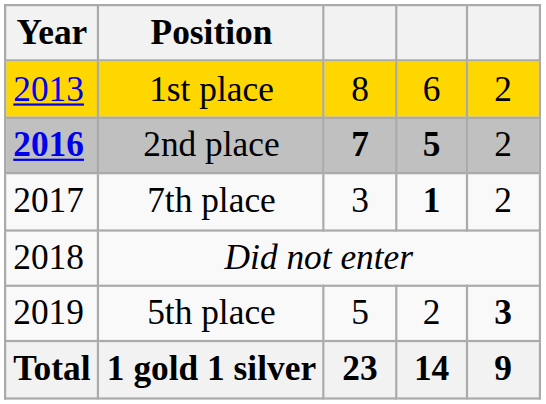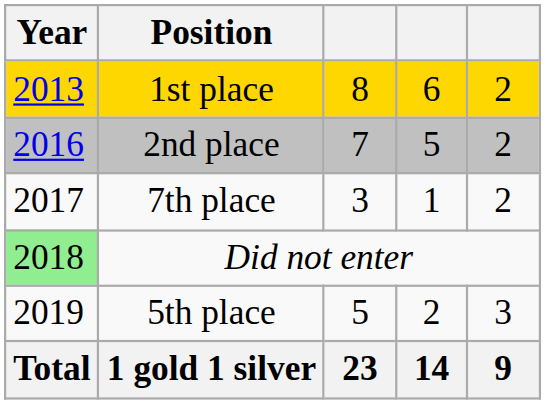 <table class="wikitable" style="text-align: center;">
 <tr>
 <th>Year</th>
 <th>Position</th>
 <th width=25px></th>
 <th width=25px></th>
 <th width=25px></th>
 </tr>
 <tr bgcolor=gold>
 <td style="text-align: left;"> <a href='#'>2013</a></td>
 <td>1st place</td>
 <td>8</td>
 <td>6</td>
 <td>2</td>
 </tr>
 <tr bgcolor=silver>
-<td style="text-align: left;"><strong> <a href='#'>2016</a></strong></td>
+<td style="text-align: left;"> <a href='#'>2016</a></td>
 <td>2nd place</td>
-<td><strong>7</strong></td>
-<td><strong>5</strong></td>
+<td>7</td>
+<td>5</td>
 <td>2</td>
 </tr>
 <tr>
 <td style="text-align: left;"> 2017</td>
 <td>7th place</td>
 <td>3</td>
-<td><strong>1</strong></td>
+<td>1</td>
 <td>2</td>
 </tr>
 <tr>
-<td style="text-align: left;"> 2018</td>
+<td style="background: lightgreen; text-align: left;"> 2018</td>
 <td colspan=4><em>Did not enter</em></td>
 </tr>
 <tr>
 <td style="text-align: left;"> 2019</td>
 <td>5th place</td>
 <td>5</td>
 <td>2</td>
-<td><strong>3</strong></td>
+<td>3</td>
 </tr>
 <tr>
 <th>Total</th>
 <th>1 gold 1 silver</th>
 <th>23</th>
 <th>14</th>
 <th>9</th>
 </tr>
 </table>
